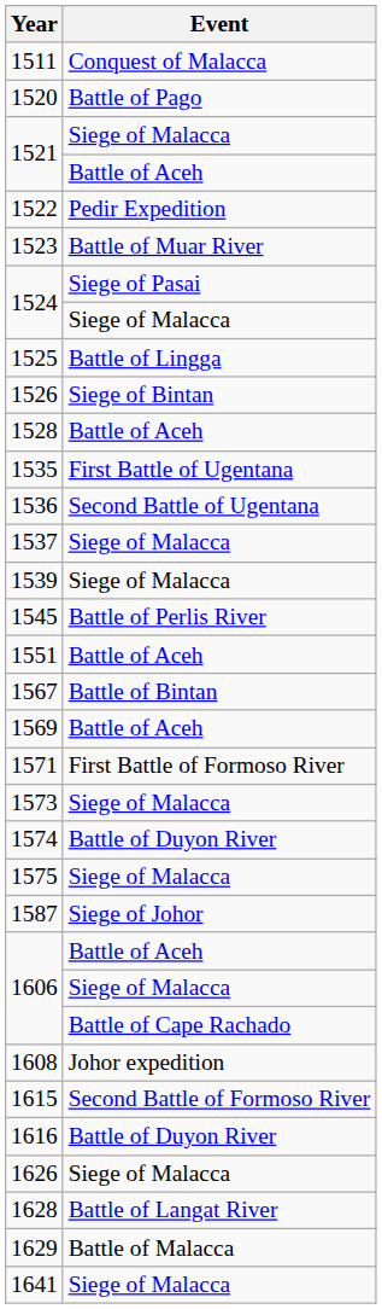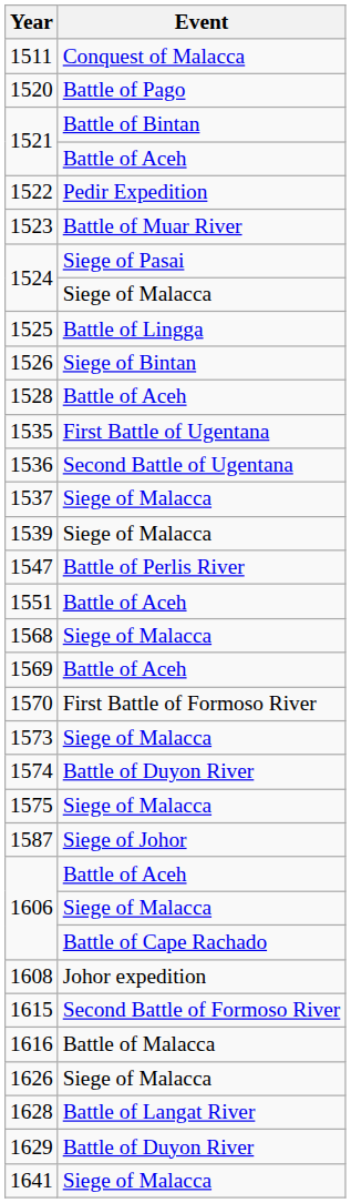 <table class="wikitable">
 <tr>
 <th>Year</th>
 <th>Event</th>
 </tr>
 <tr>
 <td>1511</td>
 <td><a href='#'>Conquest of Malacca</a></td>
 </tr>
 <tr>
 <td>1520</td>
 <td><a href='#'>Battle of Pago</a></td>
 </tr>
 <tr>
 <td rowspan="2">1521</td>
-<td><a href='#'>Siege of Malacca</a></td>
+<td><a href='#'>Battle of Bintan</a></td>
 </tr>
 <tr>
 <td><a href='#'>Battle of Aceh</a></td>
 </tr>
 <tr>
 <td>1522</td>
 <td><a href='#'>Pedir Expedition</a></td>
 </tr>
 <tr>
 <td>1523</td>
 <td><a href='#'>Battle of Muar River</a></td>
 </tr>
 <tr>
 <td rowspan="2">1524</td>
 <td><a href='#'>Siege of Pasai</a></td>
 </tr>
 <tr>
 <td>Siege of Malacca</td>
 </tr>
 <tr>
 <td>1525</td>
 <td><a href='#'>Battle of Lingga</a></td>
 </tr>
 <tr>
 <td>1526</td>
 <td><a href='#'>Siege of Bintan</a></td>
 </tr>
 <tr>
 <td>1528</td>
 <td><a href='#'>Battle of Aceh</a></td>
 </tr>
 <tr>
 <td>1535</td>
 <td><a href='#'>First Battle of Ugentana</a></td>
 </tr>
 <tr>
 <td>1536</td>
 <td><a href='#'>Second Battle of Ugentana</a></td>
 </tr>
 <tr>
 <td>1537</td>
 <td><a href='#'>Siege of Malacca</a></td>
 </tr>
 <tr>
 <td>1539</td>
 <td>Siege of Malacca</td>
 </tr>
 <tr>
-<td>1545</td>
+<td>1547</td>
 <td><a href='#'>Battle of Perlis River</a></td>
 </tr>
 <tr>
 <td>1551</td>
 <td><a href='#'>Battle of Aceh</a></td>
 </tr>
 <tr>
-<td>1567</td>
-<td><a href='#'>Battle of Bintan</a></td>
+<td>1568</td>
+<td><a href='#'>Siege of Malacca</a></td>
 </tr>
 <tr>
 <td>1569</td>
 <td><a href='#'>Battle of Aceh</a></td>
 </tr>
 <tr>
-<td>1571</td>
+<td>1570</td>
 <td>First Battle of Formoso River</td>
 </tr>
 <tr>
 <td>1573</td>
 <td><a href='#'>Siege of Malacca</a></td>
 </tr>
 <tr>
 <td>1574</td>
 <td><a href='#'>Battle of Duyon River</a></td>
 </tr>
 <tr>
 <td>1575</td>
 <td><a href='#'>Siege of Malacca</a></td>
 </tr>
 <tr>
 <td>1587</td>
 <td><a href='#'>Siege of Johor</a></td>
 </tr>
 <tr>
 <td rowspan="3">1606</td>
 <td><a href='#'>Battle of Aceh</a></td>
 </tr>
 <tr>
 <td><a href='#'>Siege of Malacca</a></td>
 </tr>
 <tr>
 <td><a href='#'>Battle of Cape Rachado</a></td>
 </tr>
 <tr>
 <td>1608</td>
 <td>Johor expedition</td>
 </tr>
 <tr>
 <td>1615</td>
 <td><a href='#'>Second Battle of Formoso River</a></td>
 </tr>
 <tr>
 <td>1616</td>
-<td><a href='#'>Battle of Duyon River</a></td>
+<td>Battle of Malacca</td>
 </tr>
 <tr>
 <td>1626</td>
 <td>Siege of Malacca</td>
 </tr>
 <tr>
 <td>1628</td>
 <td><a href='#'>Battle of Langat River</a></td>
 </tr>
 <tr>
 <td>1629</td>
-<td>Battle of Malacca</td>
+<td><a href='#'>Battle of Duyon River</a></td>
 </tr>
 <tr>
 <td>1641</td>
 <td><a href='#'>Siege of Malacca</a></td>
 </tr>
 </table>
